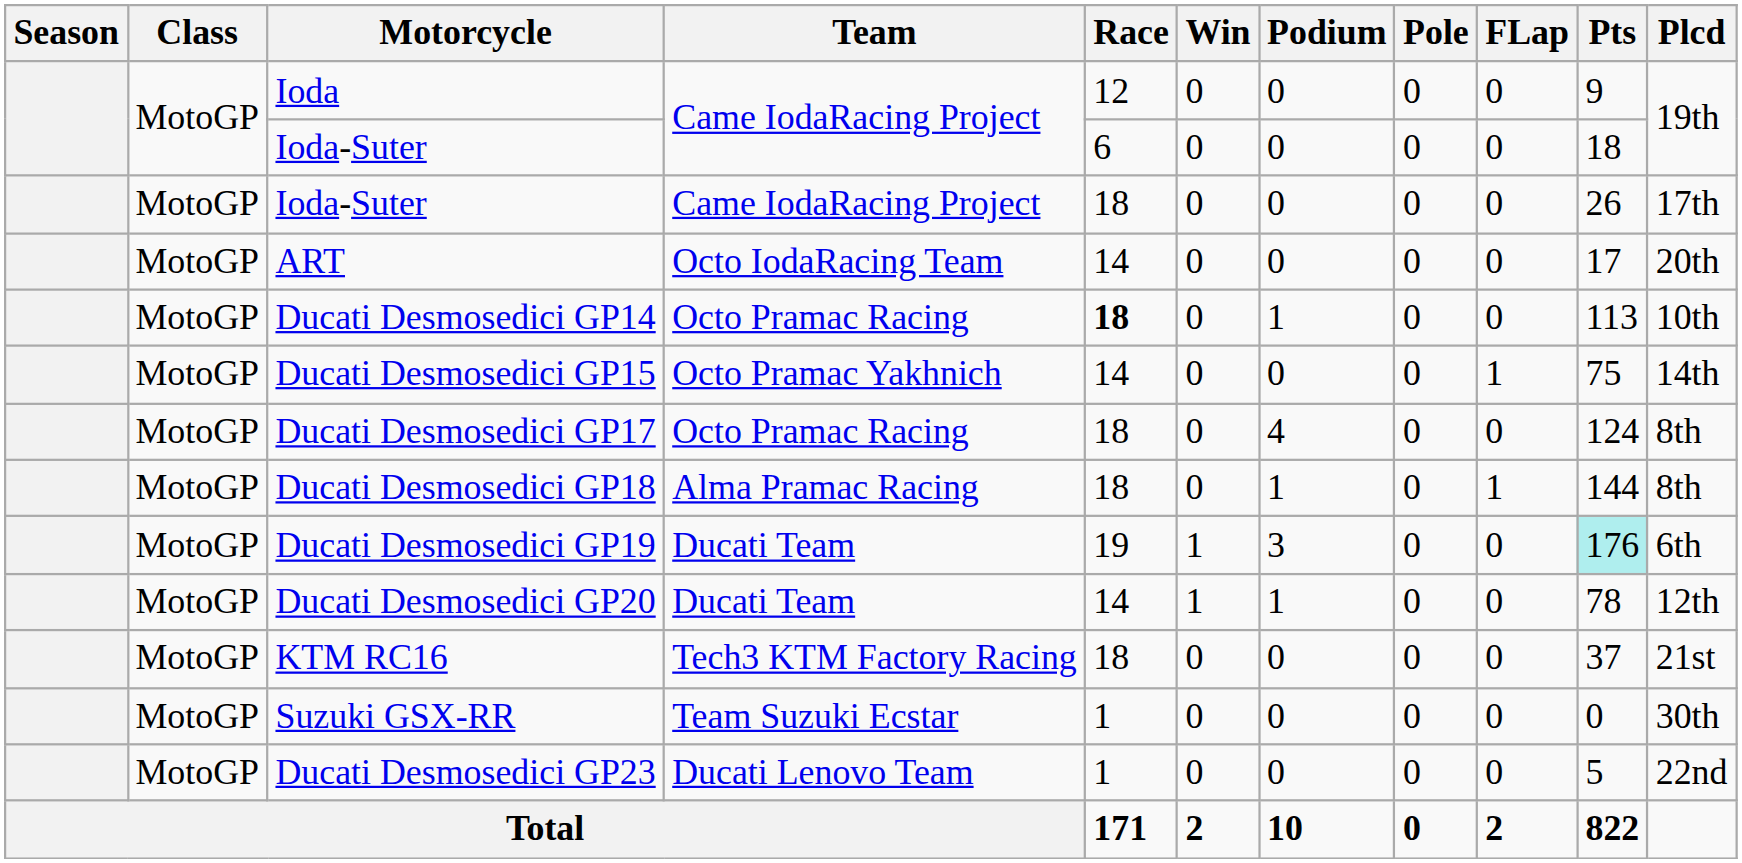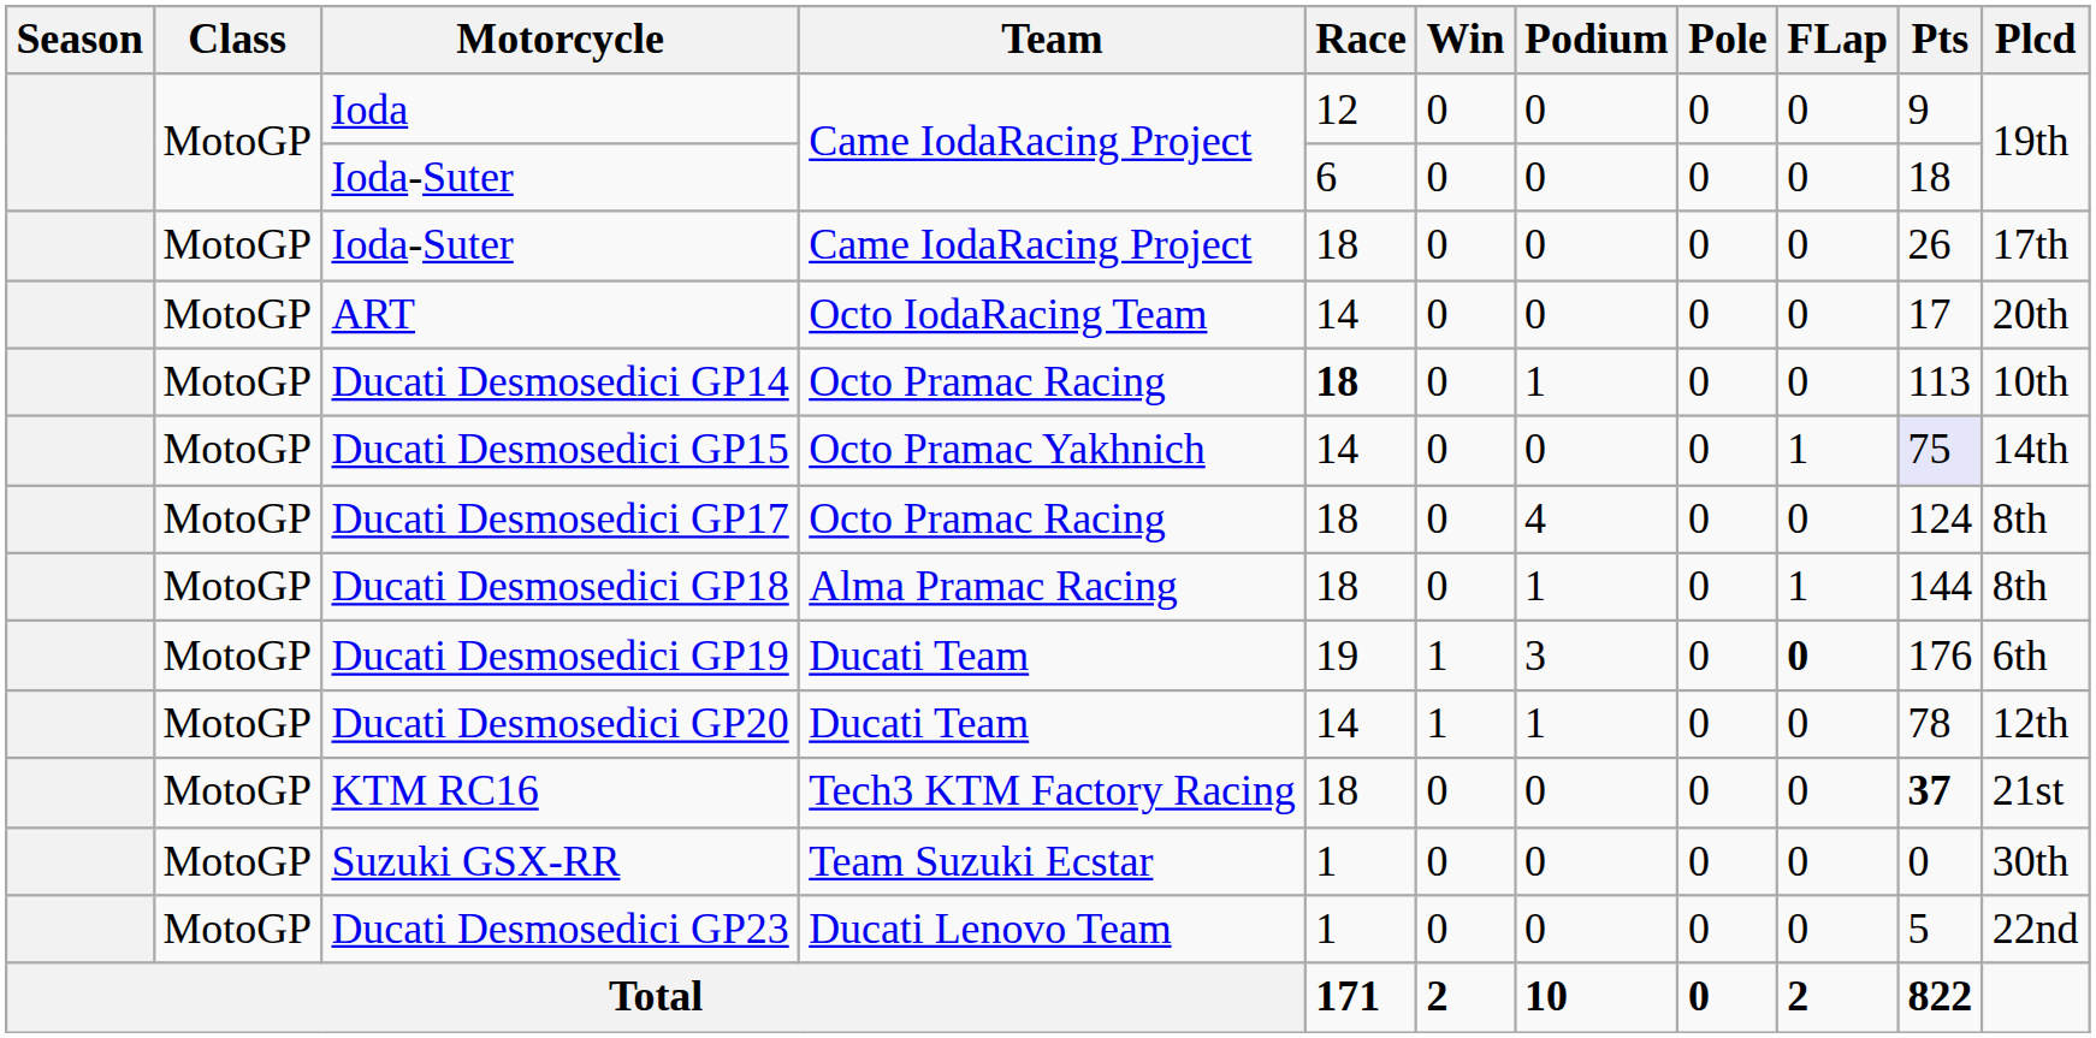 <table class="wikitable">
 <tr>
 <th>Season</th>
 <th>Class</th>
 <th>Motorcycle</th>
 <th>Team</th>
 <th>Race</th>
 <th>Win</th>
 <th>Podium</th>
 <th>Pole</th>
 <th>FLap</th>
 <th>Pts</th>
 <th>Plcd</th>
 </tr>
 <tr>
 <th rowspan=2></th>
 <td rowspan=2>MotoGP</td>
 <td><a href='#'>Ioda</a></td>
 <td rowspan=2><a href='#'>Came IodaRacing Project</a></td>
 <td>12</td>
 <td>0</td>
 <td>0</td>
 <td>0</td>
 <td>0</td>
 <td>9</td>
 <td rowspan=2>19th</td>
 </tr>
 <tr>
 <td><a href='#'>Ioda</a>-<a href='#'>Suter</a></td>
 <td>6</td>
 <td>0</td>
 <td>0</td>
 <td>0</td>
 <td>0</td>
 <td>18</td>
 </tr>
 <tr>
 <th></th>
 <td>MotoGP</td>
 <td><a href='#'>Ioda</a>-<a href='#'>Suter</a></td>
 <td><a href='#'>Came IodaRacing Project</a></td>
 <td>18</td>
 <td>0</td>
 <td>0</td>
 <td>0</td>
 <td>0</td>
 <td>26</td>
 <td>17th</td>
 </tr>
 <tr>
 <th></th>
 <td>MotoGP</td>
 <td><a href='#'>ART</a></td>
 <td><a href='#'>Octo IodaRacing Team</a></td>
 <td>14</td>
 <td>0</td>
 <td>0</td>
 <td>0</td>
 <td>0</td>
 <td>17</td>
 <td>20th</td>
 </tr>
 <tr>
 <th></th>
 <td>MotoGP</td>
 <td><a href='#'>Ducati Desmosedici GP14</a></td>
 <td><a href='#'>Octo Pramac Racing</a></td>
 <td><strong>18</strong></td>
 <td>0</td>
 <td>1</td>
 <td>0</td>
 <td>0</td>
 <td>113</td>
 <td>10th</td>
 </tr>
 <tr>
 <th></th>
 <td>MotoGP</td>
 <td><a href='#'>Ducati Desmosedici GP15</a></td>
 <td><a href='#'>Octo Pramac Yakhnich</a></td>
 <td>14</td>
 <td>0</td>
 <td>0</td>
 <td>0</td>
 <td>1</td>
-<td>75</td>
+<td style="background: lavender;">75</td>
 <td>14th</td>
 </tr>
 <tr>
 <th></th>
 <td>MotoGP</td>
 <td><a href='#'>Ducati Desmosedici GP17</a></td>
 <td><a href='#'>Octo Pramac Racing</a></td>
 <td>18</td>
 <td>0</td>
 <td>4</td>
 <td>0</td>
 <td>0</td>
 <td>124</td>
 <td>8th</td>
 </tr>
 <tr>
 <th></th>
 <td>MotoGP</td>
 <td><a href='#'>Ducati Desmosedici GP18</a></td>
 <td><a href='#'>Alma Pramac Racing</a></td>
 <td>18</td>
 <td>0</td>
 <td>1</td>
 <td>0</td>
 <td>1</td>
 <td>144</td>
 <td>8th</td>
 </tr>
 <tr>
 <th></th>
 <td>MotoGP</td>
 <td><a href='#'>Ducati Desmosedici GP19</a></td>
 <td><a href='#'>Ducati Team</a></td>
 <td>19</td>
 <td>1</td>
 <td>3</td>
 <td>0</td>
-<td>0</td>
-<td style="background: paleturquoise;">176</td>
+<td><strong>0</strong></td>
+<td>176</td>
 <td>6th</td>
 </tr>
 <tr>
 <th></th>
 <td>MotoGP</td>
 <td><a href='#'>Ducati Desmosedici GP20</a></td>
 <td><a href='#'>Ducati Team</a></td>
 <td>14</td>
 <td>1</td>
 <td>1</td>
 <td>0</td>
 <td>0</td>
 <td>78</td>
 <td>12th</td>
 </tr>
 <tr>
 <th></th>
 <td>MotoGP</td>
 <td><a href='#'>KTM RC16</a></td>
 <td><a href='#'>Tech3 KTM Factory Racing</a></td>
 <td>18</td>
 <td>0</td>
 <td>0</td>
 <td>0</td>
 <td>0</td>
-<td>37</td>
+<td><strong>37</strong></td>
 <td>21st</td>
 </tr>
 <tr>
 <th></th>
 <td>MotoGP</td>
 <td><a href='#'>Suzuki GSX-RR</a></td>
 <td><a href='#'>Team Suzuki Ecstar</a></td>
 <td>1</td>
 <td>0</td>
 <td>0</td>
 <td>0</td>
 <td>0</td>
 <td>0</td>
 <td>30th</td>
 </tr>
 <tr>
 <th></th>
 <td>MotoGP</td>
 <td><a href='#'>Ducati Desmosedici GP23</a></td>
 <td><a href='#'>Ducati Lenovo Team</a></td>
 <td>1</td>
 <td>0</td>
 <td>0</td>
 <td>0</td>
 <td>0</td>
 <td>5</td>
 <td>22nd</td>
 </tr>
 <tr>
 <th colspan="4">Total</th>
 <td><strong>171</strong></td>
 <td><strong>2</strong></td>
 <td><strong>10</strong></td>
 <td><strong>0</strong></td>
 <td><strong>2</strong></td>
 <td><strong>822</strong></td>
 <td></td>
 </tr>
 </table>
